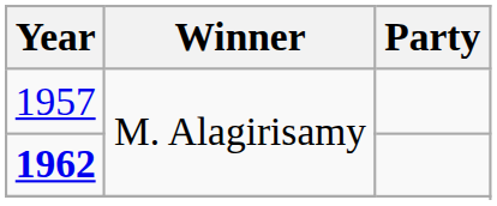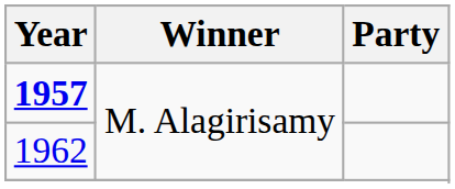 <table class="wikitable sortable">
 <tr>
 <th>Year</th>
 <th>Winner</th>
 <th colspan="2">Party</th>
 </tr>
 <tr>
-<td><a href='#'>1957</a></td>
+<td><strong><a href='#'>1957</a></strong></td>
 <td rowspan=2>M. Alagirisamy</td>
 <td></td>
 </tr>
 <tr>
-<td><strong><a href='#'>1962</a></strong></td>
+<td><a href='#'>1962</a></td>
 </tr>
 <tr>
 </tr>
 </table>
